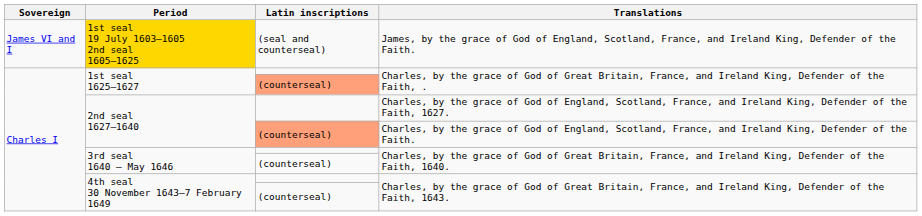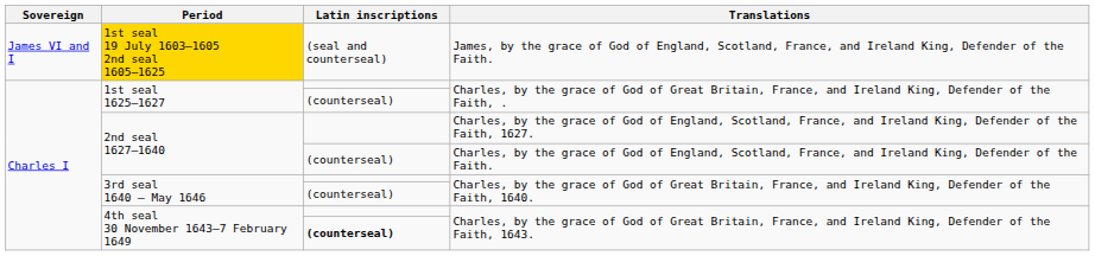 <table class="wikitable">
 <tr>
 <th>Sovereign</th>
 <th>Period</th>
 <th>Latin inscriptions</th>
 <th>Translations</th>
 </tr>
 <tr>
 <td><a href='#'>James VI and I</a></td>
 <td style="background: gold;">1st seal<br>19 July 1603–1605<br>2nd seal<br>1605–1625</td>
 <td> (seal and counterseal)</td>
 <td>James, by the grace of God of England, Scotland, France, and Ireland King, Defender of the Faith.</td>
 </tr>
 <tr>
 <td rowspan="8"><a href='#'>Charles I</a></td>
 <td rowspan="2">1st seal<br>1625–1627</td>
 <td></td>
 <td rowspan="2">Charles, by the grace of God of Great Britain, France, and Ireland King, Defender of the Faith, .</td>
 </tr>
 <tr>
-<td style="background: lightsalmon;">  (counterseal)</td>
+<td>  (counterseal)</td>
 </tr>
 <tr>
 <td rowspan="2">2nd seal<br>1627–1640</td>
 <td></td>
 <td>Charles, by the grace of God of England, Scotland, France, and Ireland King, Defender of the Faith, 1627.</td>
 </tr>
 <tr>
-<td style="background: lightsalmon;">(counterseal)</td>
+<td>(counterseal)</td>
 <td>Charles, by the grace of God of England, Scotland, France, and Ireland King, Defender of the Faith.</td>
 </tr>
 <tr>
 <td rowspan="2">3rd seal<br>1640 – May 1646</td>
 <td></td>
 <td rowspan="2">Charles, by the grace of God of Great Britain, France, and Ireland King, Defender of the Faith, 1640.</td>
 </tr>
 <tr>
 <td> (counterseal)</td>
 </tr>
 <tr>
 <td rowspan="2">4th seal<br>30 November 1643–7 February 1649</td>
 <td></td>
 <td rowspan="2">Charles, by the grace of God of Great Britain, France, and Ireland King, Defender of the Faith, 1643.</td>
 </tr>
 <tr>
-<td> (counterseal)</td>
+<td><strong> (counterseal)</strong></td>
 </tr>
 </table>
